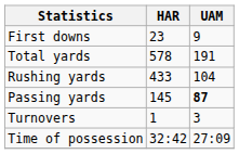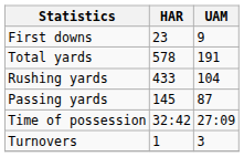 <table class="wikitable" style="float: left;">
 <tr>
 <th>Statistics</th>
 <th>HAR</th>
 <th>UAM</th>
 </tr>
 <tr>
 <td>First downs</td>
 <td>23</td>
 <td>9</td>
 </tr>
 <tr>
 <td>Total yards</td>
 <td>578</td>
 <td>191</td>
 </tr>
 <tr>
 <td>Rushing yards</td>
 <td>433</td>
 <td>104</td>
 </tr>
 <tr>
 <td>Passing yards</td>
 <td>145</td>
-<td><strong>87</strong></td>
+<td>87</td>
+</tr>
+<tr>
+<td>Time of possession</td>
+<td>32:42</td>
+<td>27:09</td>
 </tr>
 <tr>
 <td>Turnovers</td>
 <td>1</td>
 <td>3</td>
 </tr>
 <tr>
-<td>Time of possession</td>
-<td>32:42</td>
-<td>27:09</td>
-</tr>
-<tr>
 </tr>
 </table>
